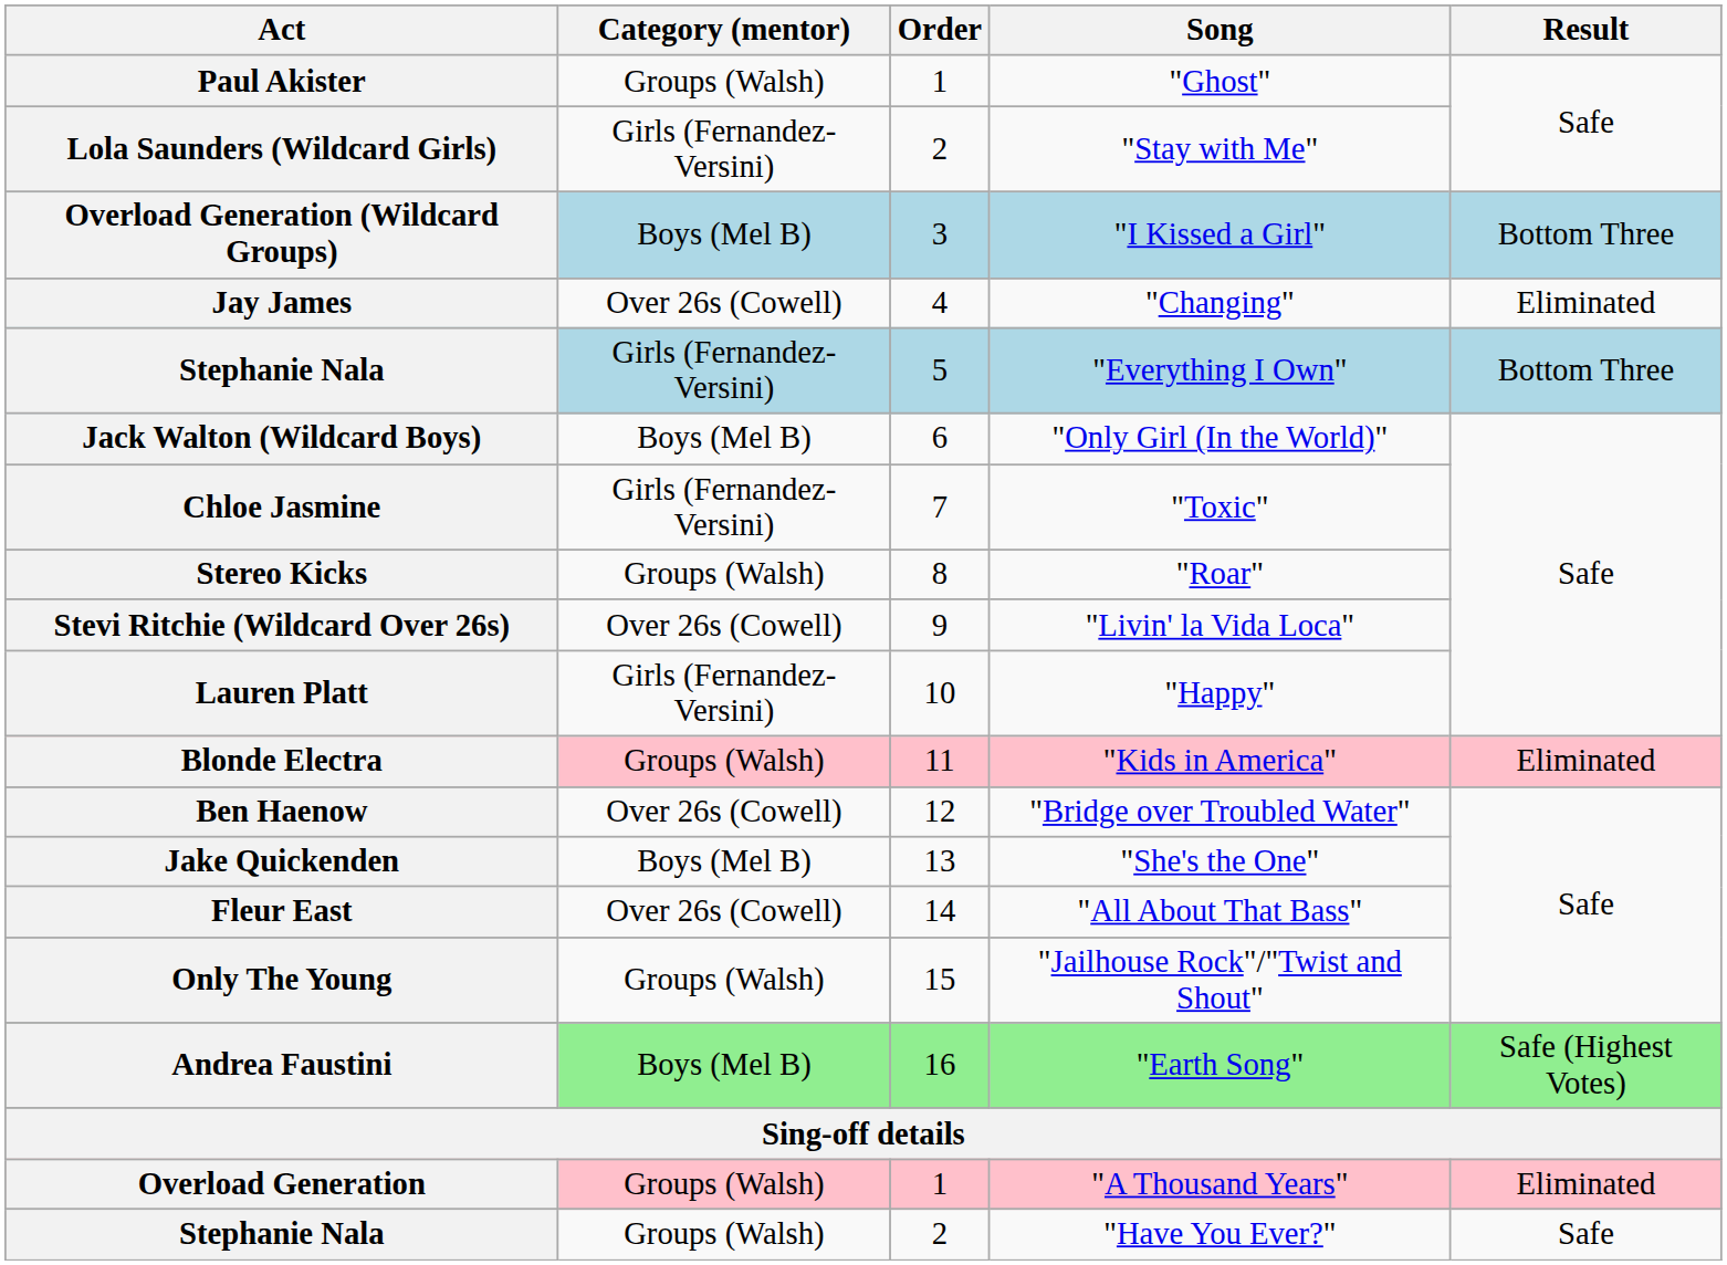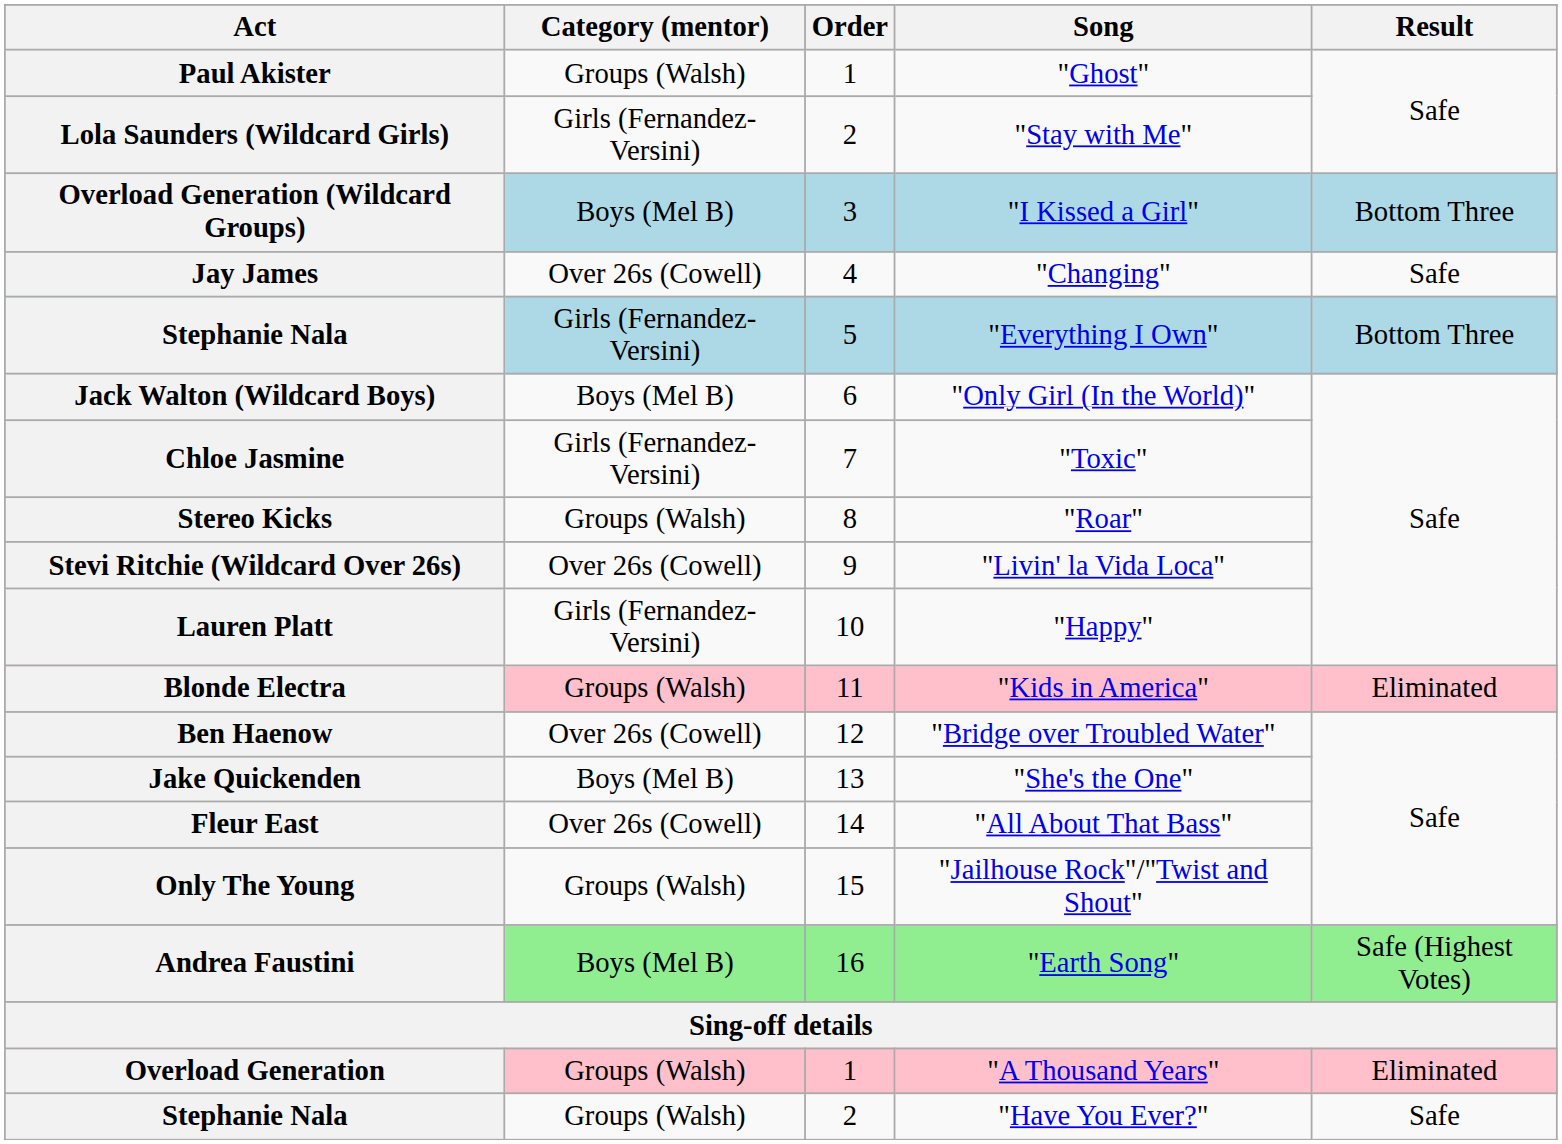 <table class="wikitable plainrowheaders" style="text-align:center;">
 <tr>
 <th scope="col">Act</th>
 <th scope="col">Category (mentor)</th>
 <th scope="col">Order</th>
 <th scope="col">Song</th>
 <th scope="col">Result</th>
 </tr>
 <tr>
 <th scope="row">Paul Akister</th>
 <td>Groups (Walsh)</td>
 <td>1</td>
 <td>"<a href='#'>Ghost</a>"</td>
 <td rowspan=2>Safe</td>
 </tr>
 <tr>
 <th scope="row">Lola Saunders     (Wildcard Girls)</th>
 <td>Girls (Fernandez-Versini)</td>
 <td>2</td>
 <td>"<a href='#'>Stay with Me</a>"</td>
 </tr>
 <tr style="background:lightblue;">
 <th scope="row">Overload Generation (Wildcard Groups)</th>
 <td>Boys (Mel B)</td>
 <td>3</td>
 <td>"<a href='#'>I Kissed a Girl</a>"</td>
 <td>Bottom Three</td>
 </tr>
 <tr>
 <th scope="row">Jay James</th>
 <td>Over 26s (Cowell)</td>
 <td>4</td>
 <td>"<a href='#'>Changing</a>"</td>
-<td>Eliminated</td>
+<td>Safe</td>
 </tr>
 <tr style="background:lightblue;">
 <th scope="row">Stephanie Nala</th>
 <td>Girls (Fernandez-Versini)</td>
 <td>5</td>
 <td>"<a href='#'>Everything I Own</a>"</td>
 <td>Bottom Three</td>
 </tr>
 <tr>
 <th scope="row">Jack Walton         (Wildcard Boys)</th>
 <td>Boys (Mel B)</td>
 <td>6</td>
 <td>"<a href='#'>Only Girl (In the World)</a>"</td>
 <td rowspan=5>Safe</td>
 </tr>
 <tr>
 <th scope="row">Chloe Jasmine</th>
 <td>Girls (Fernandez-Versini)</td>
 <td>7</td>
 <td>"<a href='#'>Toxic</a>"</td>
 </tr>
 <tr>
 <th scope="row">Stereo Kicks</th>
 <td>Groups (Walsh)</td>
 <td>8</td>
 <td>"<a href='#'>Roar</a>"</td>
 </tr>
 <tr>
 <th scope="row">Stevi Ritchie         (Wildcard Over 26s)</th>
 <td>Over 26s (Cowell)</td>
 <td>9</td>
 <td>"<a href='#'>Livin' la Vida Loca</a>"</td>
 </tr>
 <tr>
 <th scope="row">Lauren Platt</th>
 <td>Girls (Fernandez-Versini)</td>
 <td>10</td>
 <td>"<a href='#'>Happy</a>"</td>
 </tr>
 <tr style="background:pink;">
 <th scope="row">Blonde Electra</th>
 <td>Groups (Walsh)</td>
 <td>11</td>
 <td>"<a href='#'>Kids in America</a>"</td>
 <td>Eliminated</td>
 </tr>
 <tr>
 <th scope="row">Ben Haenow</th>
 <td>Over 26s (Cowell)</td>
 <td>12</td>
 <td>"<a href='#'>Bridge over Troubled Water</a>"</td>
 <td rowspan=4>Safe</td>
 </tr>
 <tr>
 <th scope="row">Jake Quickenden</th>
 <td>Boys (Mel B)</td>
 <td>13</td>
 <td>"<a href='#'>She's the One</a>"</td>
 </tr>
 <tr>
 <th scope="row">Fleur East</th>
 <td>Over 26s (Cowell)</td>
 <td>14</td>
 <td>"<a href='#'>All About That Bass</a>"</td>
 </tr>
 <tr>
 <th scope="row">Only The Young</th>
 <td>Groups (Walsh)</td>
 <td>15</td>
 <td>"<a href='#'>Jailhouse Rock</a>"/"<a href='#'>Twist and Shout</a>"</td>
 </tr>
 <tr style="background:lightgreen;">
 <th scope="row">Andrea Faustini</th>
 <td>Boys (Mel B)</td>
 <td>16</td>
 <td>"<a href='#'>Earth Song</a>"</td>
 <td>Safe (Highest Votes)</td>
 </tr>
 <tr>
 <th colspan="5">Sing-off details</th>
 </tr>
 <tr style="background:pink;">
 <th scope="row">Overload Generation</th>
 <td>Groups (Walsh)</td>
 <td>1</td>
 <td>"<a href='#'>A Thousand Years</a>"</td>
 <td>Eliminated</td>
 </tr>
 <tr style="background:lightpurple;">
 <th scope="row">Stephanie Nala</th>
 <td>Groups (Walsh)</td>
 <td>2</td>
 <td>"<a href='#'>Have You Ever?</a>"</td>
 <td>Safe</td>
 </tr>
 </table>
